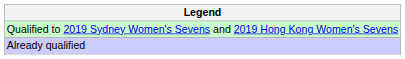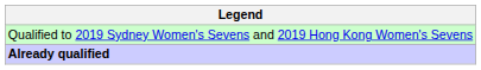 <table class="wikitable" style="font-size:92%;">
 <tr>
 <th colspan=2>Legend</th>
 </tr>
 <tr bgcolor=ccffcc>
 <td>Qualified to <a href='#'>2019 Sydney Women's Sevens</a> and <a href='#'>2019 Hong Kong Women's Sevens</a></td>
 </tr>
 <tr bgcolor=ccccff>
-<td>Already qualified</td>
+<td><strong>Already qualified</strong></td>
 </tr>
 </table>
